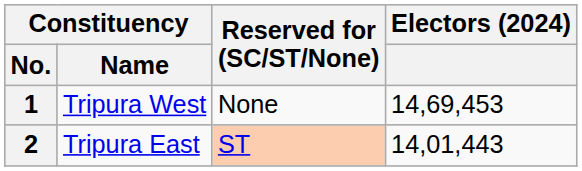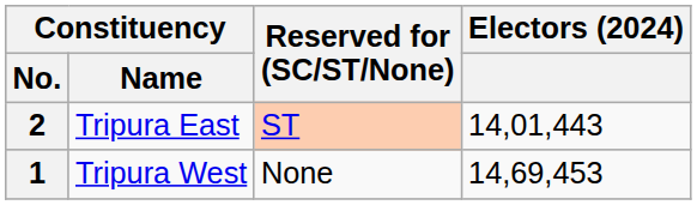 <table class="wikitable sortable">
 <tr>
 <th scope=colgroup colspan="2">Constituency</th>
 <th scope=col rowspan=2>Reserved for<br>(SC/ST/None)</th>
 <th>Electors (2024)</th>
 </tr>
 <tr>
 <th scope=col>No.</th>
 <th scope=col>Name</th>
 <th></th>
 </tr>
 <tr>
+<th scope=row>2</th>
+<td><a href='#'>Tripura East</a></td>
+<td style="background:#fdcdb0;"><a href='#'>ST</a></td>
+<td>14,01,443</td>
+</tr>
+<tr>
 <th scope=row>1</th>
 <td><a href='#'>Tripura West</a></td>
 <td>None</td>
 <td>14,69,453</td>
 </tr>
-<tr>
-<th scope=row>2</th>
-<td><a href='#'>Tripura East</a></td>
-<td style="background:#fdcdb0;"><a href='#'>ST</a></td>
-<td>14,01,443</td>
-</tr>
 </table>
